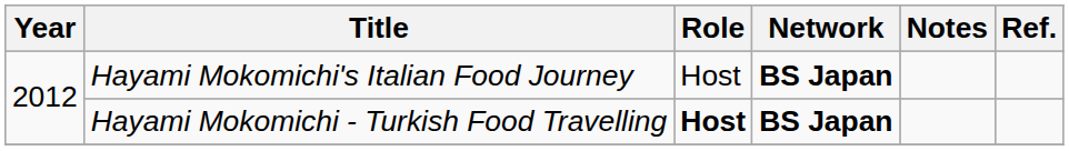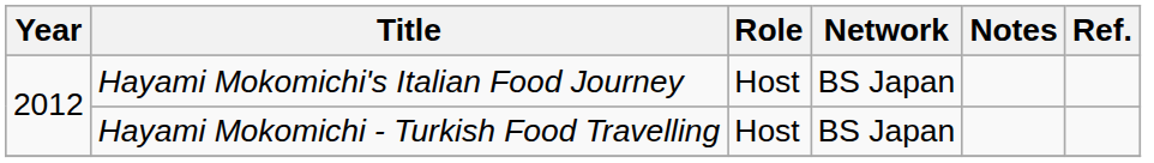 <table class="wikitable">
 <tr>
 <th>Year</th>
 <th>Title</th>
 <th>Role</th>
 <th>Network</th>
 <th>Notes</th>
 <th>Ref.</th>
 </tr>
 <tr>
 <td rowspan=2>2012</td>
 <td><em>Hayami Mokomichi's Italian Food Journey</em></td>
 <td>Host</td>
-<td><strong>BS Japan</strong></td>
+<td>BS Japan</td>
 <td></td>
 <td></td>
 </tr>
 <tr>
 <td><em>Hayami Mokomichi - Turkish Food Travelling</em></td>
-<td><strong>Host</strong></td>
-<td><strong>BS Japan</strong></td>
+<td>Host</td>
+<td>BS Japan</td>
 <td></td>
 <td></td>
 </tr>
 <tr>
 </tr>
 </table>
